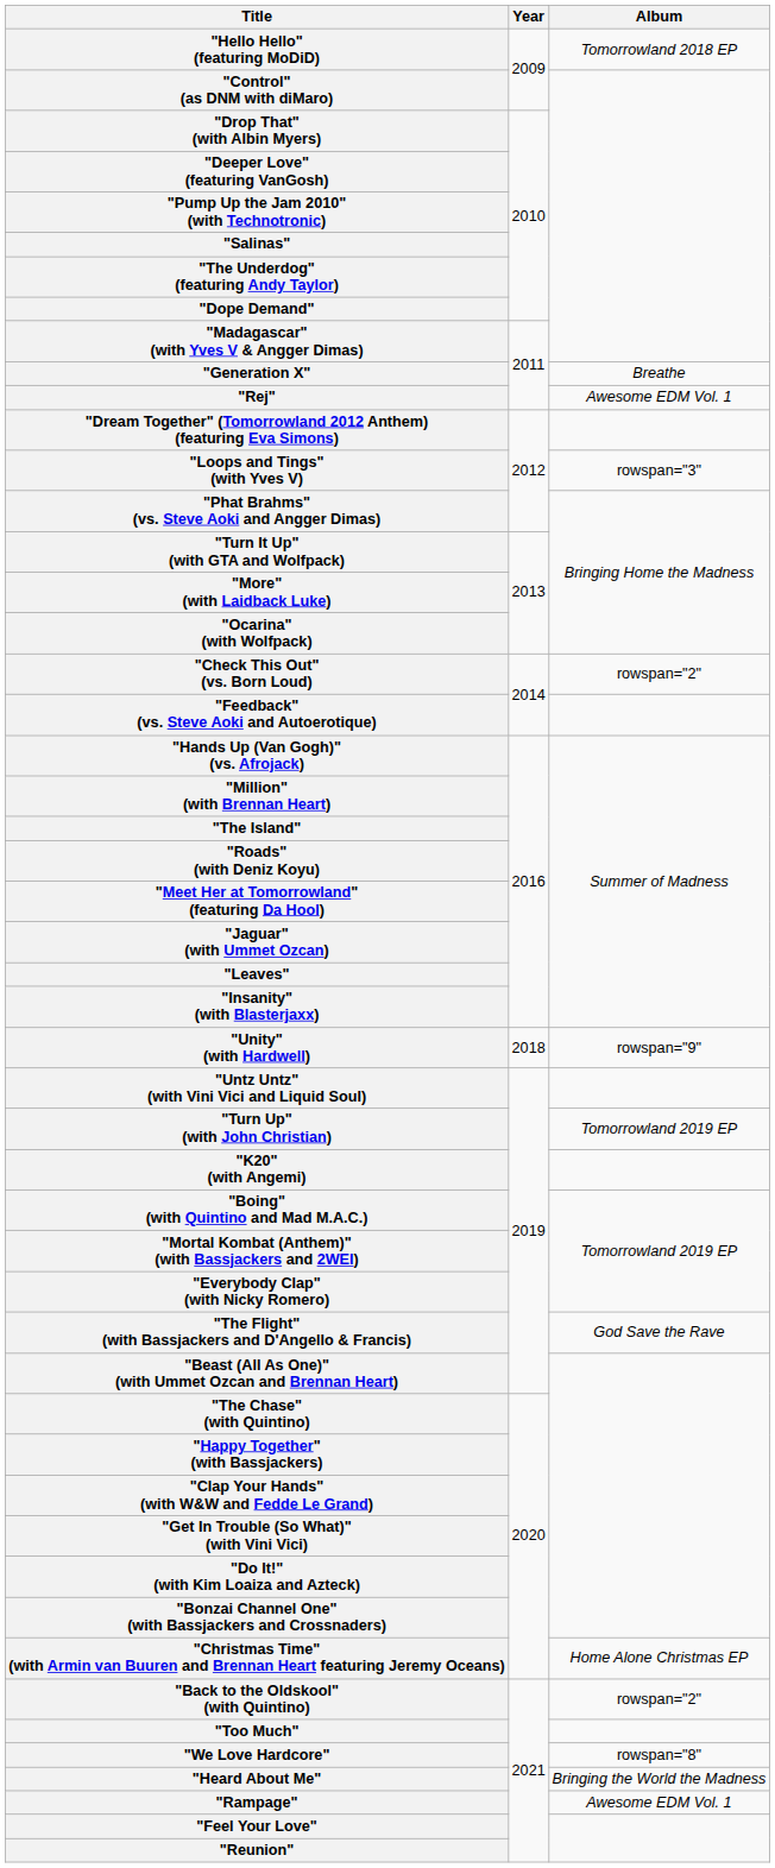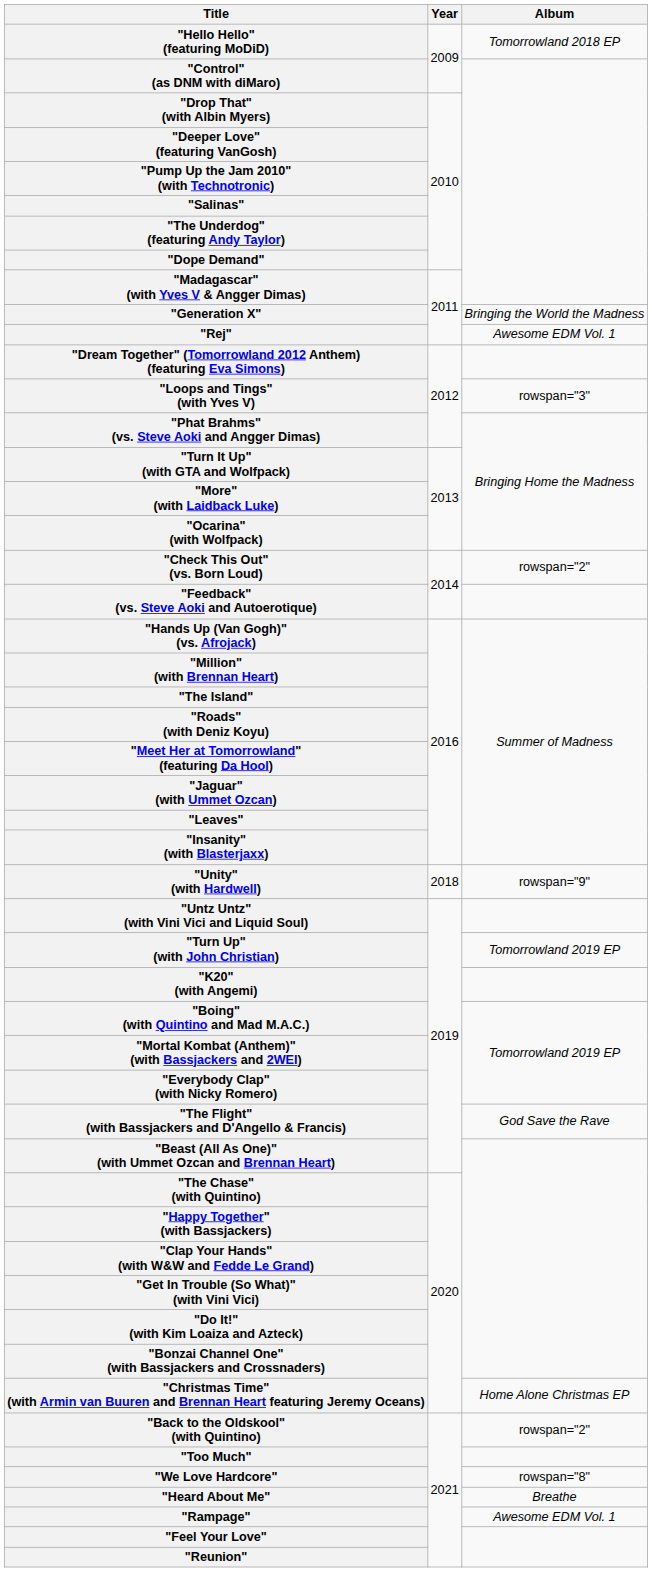 <table class="wikitable plainrowheaders" style="text-align:center;" border="1">
 <tr>
 <th>Title</th>
 <th>Year</th>
 <th>Album</th>
 </tr>
 <tr>
 <th scope="row">"Hello Hello"<br><span>(featuring MoDiD)</span></th>
 <td rowspan="2">2009</td>
 <td><em>Tomorrowland 2018 EP</em></td>
 </tr>
 <tr>
 <th scope="row">"Control"<br><span>(as DNM with diMaro)</span></th>
 </tr>
 <tr>
 <th scope="row">"Drop That" <br><span>(with Albin Myers)</span></th>
 <td rowspan="6">2010</td>
 </tr>
 <tr>
 <th scope="row">"Deeper Love"<br><span>(featuring VanGosh)</span></th>
 </tr>
 <tr>
 <th scope="row">"Pump Up the Jam 2010" <br><span>(with <a href='#'>Technotronic</a>)</span></th>
 </tr>
 <tr>
 <th scope="row">"Salinas"</th>
 </tr>
 <tr>
 <th scope="row">"The Underdog"<br><span>(featuring <a href='#'>Andy Taylor</a>)</span></th>
 </tr>
 <tr>
 <th scope="row">"Dope Demand"</th>
 </tr>
 <tr>
 <th scope="row">"Madagascar"<br><span>(with <a href='#'>Yves V</a> & Angger Dimas)</span></th>
 <td rowspan="3">2011</td>
 </tr>
 <tr>
 <th scope="row">"Generation X"</th>
-<td><em>Breathe</em></td>
+<td><em>Bringing the World the Madness</em></td>
 </tr>
 <tr>
 <th scope="row">"Rej"</th>
 <td><em>Awesome EDM Vol. 1</em></td>
 </tr>
 <tr>
 <th scope="row">"Dream Together" (<a href='#'>Tomorrowland 2012</a> Anthem)<br><span>(featuring <a href='#'>Eva Simons</a>)</span></th>
 <td rowspan="3">2012</td>
 <td></td>
 </tr>
 <tr>
 <th scope="row">"Loops and Tings"<br><span>(with Yves V)</span></th>
 <td>rowspan="3" </td>
 </tr>
 <tr>
 <th scope="row">"Phat Brahms"<br><span>(vs. <a href='#'>Steve Aoki</a> and Angger Dimas)</span></th>
 <td rowspan="4"><em>Bringing Home the Madness</em></td>
 </tr>
 <tr>
 <th scope="row">"Turn It Up" <br><span>(with GTA and Wolfpack)</span></th>
 <td rowspan="3">2013</td>
 </tr>
 <tr>
 <th scope="row">"More" <br><span>(with <a href='#'>Laidback Luke</a>)</span></th>
 </tr>
 <tr>
 <th scope="row">"Ocarina"<br><span>(with Wolfpack)</span></th>
 </tr>
 <tr>
 <th scope="row">"Check This Out"<br><span>(vs. Born Loud)</span></th>
 <td rowspan="2">2014</td>
 <td>rowspan="2" </td>
 </tr>
 <tr>
 <th scope="row">"Feedback" <br><span>(vs. <a href='#'>Steve Aoki</a> and Autoerotique)</span></th>
 </tr>
 <tr>
 <th scope="row">"Hands Up (Van Gogh)" <br><span>(vs. <a href='#'>Afrojack</a>)</span></th>
 <td rowspan="8">2016</td>
 <td rowspan="8"><em>Summer of Madness</em></td>
 </tr>
 <tr>
 <th scope="row">"Million" <br><span>(with <a href='#'>Brennan Heart</a>)</span></th>
 </tr>
 <tr>
 <th scope="row">"The Island"</th>
 </tr>
 <tr>
 <th scope="row">"Roads" <br><span>(with Deniz Koyu)</span></th>
 </tr>
 <tr>
 <th scope="row">"<a href='#'>Meet Her at Tomorrowland</a>" <br><span>(featuring <a href='#'>Da Hool</a>)</span></th>
 </tr>
 <tr>
 <th scope="row">"Jaguar" <br><span>(with <a href='#'>Ummet Ozcan</a>)</span></th>
 </tr>
 <tr>
 <th scope="row">"Leaves"</th>
 </tr>
 <tr>
 <th scope="row">"Insanity" <br><span>(with <a href='#'>Blasterjaxx</a>)</span></th>
 </tr>
 <tr>
 <th scope="row">"Unity" <br><span>(with <a href='#'>Hardwell</a>)</span></th>
 <td>2018</td>
 <td>rowspan="9" </td>
 </tr>
 <tr>
 <th scope="row">"Untz Untz" <br><span>(with Vini Vici and Liquid Soul)</span></th>
 <td rowspan="8">2019</td>
 <td></td>
 </tr>
 <tr>
 <th scope="row">"Turn Up" <br><span>(with <a href='#'>John Christian</a>)</span></th>
 <td><em>Tomorrowland 2019 EP</em></td>
 </tr>
 <tr>
 <th scope="row">"K20" <br><span>(with Angemi)</span></th>
 <td></td>
 </tr>
 <tr>
 <th scope="row">"Boing" <br><span>(with <a href='#'>Quintino</a> and Mad M.A.C.)</span></th>
 <td rowspan="3"><em>Tomorrowland 2019 EP</em></td>
 </tr>
 <tr>
 <th scope="row">"Mortal Kombat (Anthem)" <br><span>(with <a href='#'>Bassjackers</a> and <a href='#'>2WEI</a>)</span></th>
 </tr>
 <tr>
 <th scope="row">"Everybody Clap" <br><span>(with Nicky Romero)</span></th>
 </tr>
 <tr>
 <th scope="row">"The Flight" <br><span>(with Bassjackers and D'Angello & Francis)</span></th>
 <td><em>God Save the Rave</em></td>
 </tr>
 <tr>
 <th scope="row">"Beast (All As One)" <br><span>(with Ummet Ozcan and <a href='#'>Brennan Heart</a>)</span></th>
 </tr>
 <tr>
 <th scope="row">"The Chase" <br><span>(with Quintino)</span></th>
 <td rowspan="7">2020</td>
 </tr>
 <tr>
 <th scope="row">"<a href='#'>Happy Together</a>" <br><span>(with Bassjackers)</span></th>
 </tr>
 <tr>
 <th scope="row">"Clap Your Hands"<br><span>(with W&W and <a href='#'>Fedde Le Grand</a>)</span></th>
 </tr>
 <tr>
 <th scope="row">"Get In Trouble (So What)" <br><span>(with Vini Vici)</span></th>
 </tr>
 <tr>
 <th scope="row">"Do It!" <br><span>(with Kim Loaiza and Azteck)</span></th>
 </tr>
 <tr>
 <th scope="row">"Bonzai Channel One" <br><span>(with Bassjackers and Crossnaders)</span></th>
 </tr>
 <tr>
 <th scope="row">"Christmas Time" <br><span>(with <a href='#'>Armin van Buuren</a> and <a href='#'>Brennan Heart</a> featuring Jeremy Oceans)</span></th>
 <td><em>Home Alone Christmas EP</em></td>
 </tr>
 <tr>
 <th scope="row">"Back to the Oldskool" <br><span>(with Quintino)</span></th>
 <td rowspan="7">2021</td>
 <td>rowspan="2" </td>
 </tr>
 <tr>
 <th scope="row">"Too Much"<br></th>
 </tr>
 <tr>
 <th scope="row">"We Love Hardcore" <br></th>
 <td>rowspan="8" </td>
 </tr>
 <tr>
 <th scope="row">"Heard About Me" <br></th>
-<td><em>Bringing the World the Madness</em></td>
+<td><em>Breathe</em></td>
 </tr>
 <tr>
 <th scope="row">"Rampage"</th>
 <td><em>Awesome EDM Vol. 1</em></td>
 </tr>
 <tr>
 <th scope="row">"Feel Your Love" <br></th>
 </tr>
 <tr>
 <th scope="row">"Reunion" <br></th>
 </tr>
 </table>
